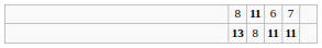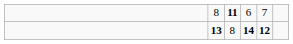 <table class="wikitable">
 <tr>
 <td style="width:18em"></td>
 <td align=center style="width:1em">8</td>
 <td align=center style="width:1em"><strong>11</strong></td>
 <td align=center style="width:1em">6</td>
 <td align=center style="width:1em">7</td>
 <td align=center style="width:1em"></td>
 </tr>
 <tr>
 <td style="width:18em"></td>
 <td align=center style="width:1em"><strong>13</strong></td>
 <td align=center style="width:1em">8</td>
-<td align=center style="width:1em"><strong>11</strong></td>
-<td align=center style="width:1em"><strong>11</strong></td>
+<td align=center style="width:1em"><strong>14</strong></td>
+<td align=center style="width:1em"><strong>12</strong></td>
 <td align=center style="width:1em"></td>
 </tr>
 </table>
